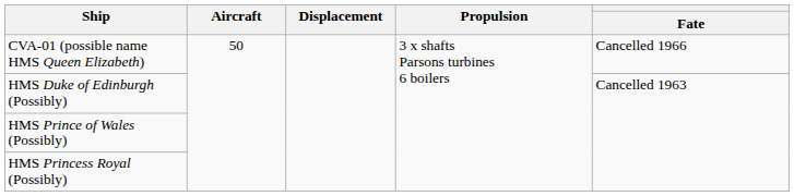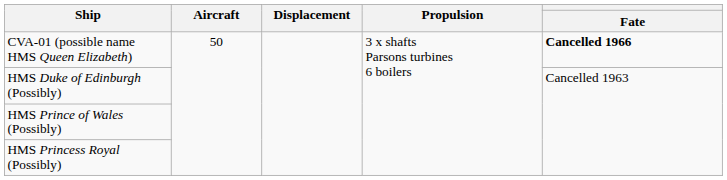 <table class="wikitable" style="width:98%;">
 <tr valign="top"|- valign="top">
 <th style="width:15%; text-align:center;" rowspan="2">Ship</th>
 <th style="width:10%; text-align:center;" rowspan="2">Aircraft</th>
 <th style="width:10%; text-align:center;" rowspan="2">Displacement</th>
 <th style="width:20%; text-align:center;" rowspan="2">Propulsion</th>
 <th></th>
 </tr>
 <tr valign="top">
 <th style="width:20%; text-align:center;">Fate</th>
 </tr>
 <tr valign="top">
 <td align= left>CVA-01 (possible name HMS <em>Queen Elizabeth</em>)</td>
 <td rowspan="4" style="text-align:center;">50</td>
 <td rowspan="4" style="text-align:center;"></td>
 <td rowspan="4" align="left">3 x shafts<br>Parsons turbines<br>6 boilers</td>
-<td align= left>Cancelled 1966</td>
+<td align= left><strong>Cancelled 1966</strong></td>
 </tr>
 <tr valign="top">
 <td align= left>HMS <em>Duke of Edinburgh</em> (Possibly)</td>
 <td rowspan="3" align="left">Cancelled 1963</td>
 </tr>
 <tr valign="top">
 <td align= left>HMS <em>Prince of Wales</em> (Possibly)</td>
 </tr>
 <tr valign="top">
 <td align= left>HMS <em>Princess Royal</em> (Possibly)</td>
 </tr>
 </table>
